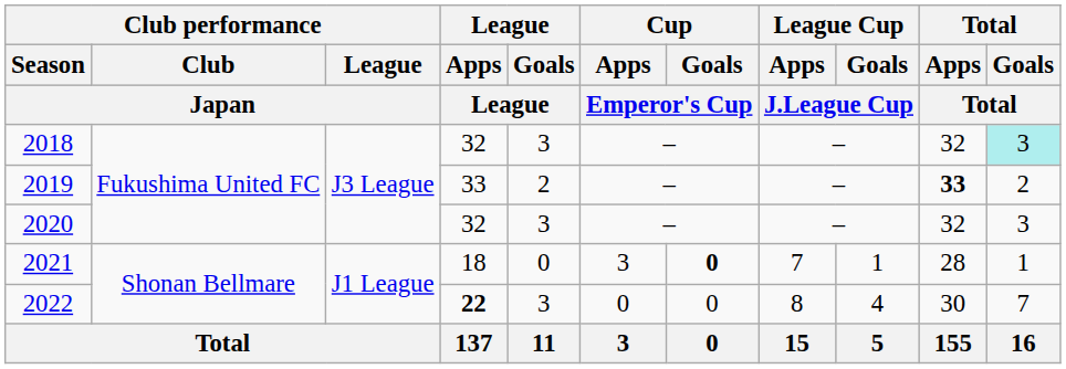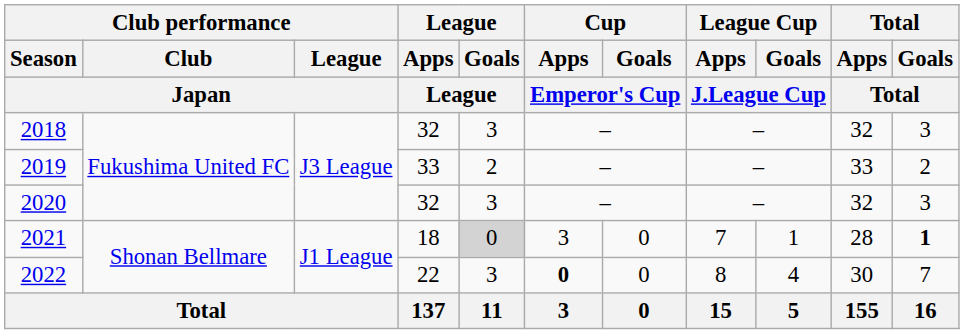 <table class="wikitable" style="text-align:center;">
 <tr>
 <th colspan=3>Club performance</th>
 <th colspan=2>League</th>
 <th colspan=2>Cup</th>
 <th colspan="2">League Cup</th>
 <th colspan=2>Total</th>
 </tr>
 <tr>
 <th>Season</th>
 <th>Club</th>
 <th>League</th>
 <th>Apps</th>
 <th>Goals</th>
 <th>Apps</th>
 <th>Goals</th>
 <th>Apps</th>
 <th>Goals</th>
 <th>Apps</th>
 <th>Goals</th>
 </tr>
 <tr>
 <th colspan=3>Japan</th>
 <th colspan=2>League</th>
 <th colspan=2><a href='#'>Emperor's Cup</a></th>
 <th colspan="2"><a href='#'>J.League Cup</a></th>
 <th colspan=2>Total</th>
 </tr>
 <tr>
 <td><a href='#'>2018</a></td>
 <td rowspan="3"><a href='#'>Fukushima United FC</a></td>
 <td rowspan="3"><a href='#'>J3 League</a></td>
 <td>32</td>
 <td>3</td>
 <td colspan="2">–</td>
 <td colspan="2">–</td>
 <td>32</td>
-<td style="background: paleturquoise;">3</td>
+<td>3</td>
 </tr>
 <tr>
 <td><a href='#'>2019</a></td>
 <td>33</td>
 <td>2</td>
 <td colspan="2">–</td>
 <td colspan="2">–</td>
-<td><strong>33</strong></td>
+<td>33</td>
 <td>2</td>
 </tr>
 <tr>
 <td><a href='#'>2020</a></td>
 <td>32</td>
 <td>3</td>
 <td colspan="2">–</td>
 <td colspan="2">–</td>
 <td>32</td>
 <td>3</td>
 </tr>
 <tr>
 <td><a href='#'>2021</a></td>
 <td rowspan="2"><a href='#'>Shonan Bellmare</a></td>
 <td rowspan="2"><a href='#'>J1 League</a></td>
 <td>18</td>
+<td style="background: lightgrey;">0</td>
+<td>3</td>
 <td>0</td>
-<td>3</td>
-<td><strong>0</strong></td>
 <td>7</td>
 <td>1</td>
 <td>28</td>
-<td>1</td>
+<td><strong>1</strong></td>
 </tr>
 <tr>
 <td><a href='#'>2022</a></td>
-<td><strong>22</strong></td>
+<td>22</td>
 <td>3</td>
-<td>0</td>
+<td><strong>0</strong></td>
 <td>0</td>
 <td>8</td>
 <td>4</td>
 <td>30</td>
 <td>7</td>
 </tr>
 <tr>
 <th colspan="3">Total</th>
 <th>137</th>
 <th>11</th>
 <th>3</th>
 <th>0</th>
 <th>15</th>
 <th>5</th>
 <th>155</th>
 <th>16</th>
 </tr>
 </table>
